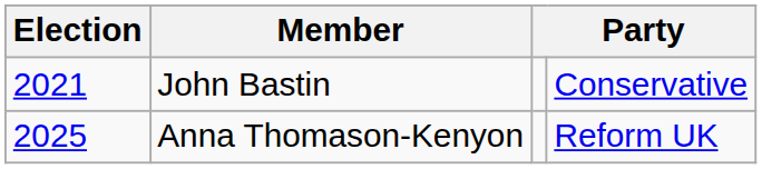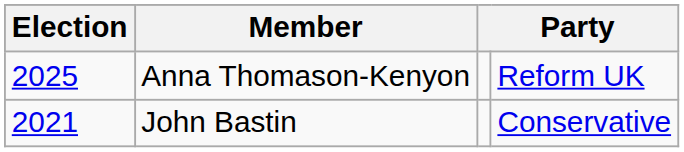 <table class="wikitable">
 <tr>
 <th>Election</th>
 <th>Member</th>
 <th colspan="2">Party</th>
 </tr>
 <tr>
+<td><a href='#'>2025</a></td>
+<td>Anna Thomason-Kenyon</td>
+<td style="background-color: "></td>
+<td><a href='#'>Reform UK</a></td>
+</tr>
+<tr>
 <td><a href='#'>2021</a></td>
 <td>John Bastin</td>
 <td style="background-color: "></td>
 <td><a href='#'>Conservative</a></td>
 </tr>
-<tr>
-<td><a href='#'>2025</a></td>
-<td>Anna Thomason-Kenyon</td>
-<td style="background-color: "></td>
-<td><a href='#'>Reform UK</a></td>
-</tr>
 </table>
